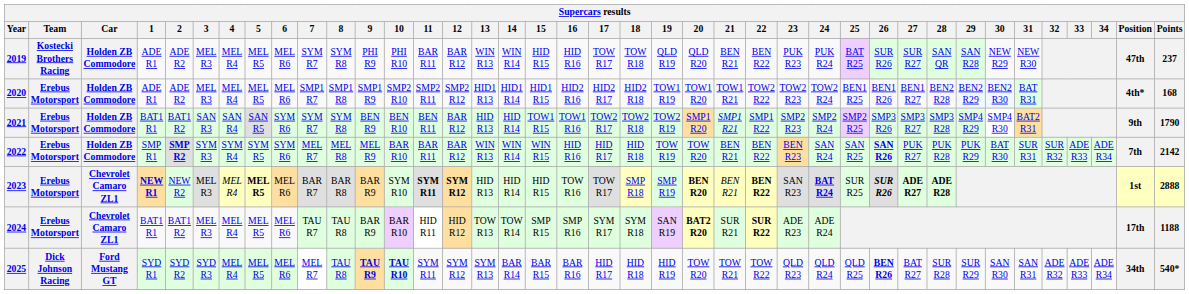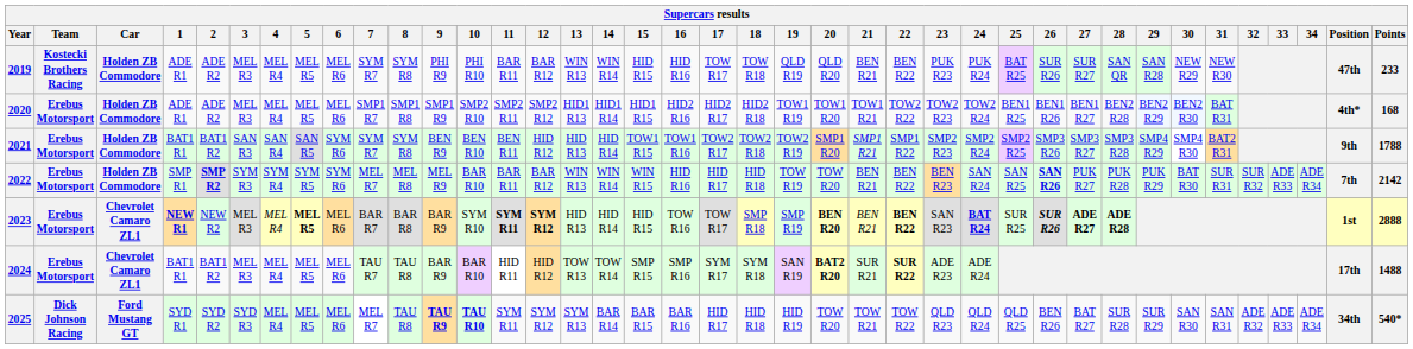 <table class="wikitable" style="text-align:center; font-size:75%">
 <tr>
 <th colspan=45><a href='#'>Supercars</a> results</th>
 </tr>
 <tr>
 <th>Year</th>
 <th>Team</th>
 <th>Car</th>
 <th>1</th>
 <th>2</th>
 <th>3</th>
 <th>4</th>
 <th>5</th>
 <th>6</th>
 <th>7</th>
 <th>8</th>
 <th>9</th>
 <th>10</th>
 <th>11</th>
 <th>12</th>
 <th>13</th>
 <th>14</th>
 <th>15</th>
 <th>16</th>
 <th>17</th>
 <th>18</th>
 <th>19</th>
 <th>20</th>
 <th>21</th>
 <th>22</th>
 <th>23</th>
 <th>24</th>
 <th>25</th>
 <th>26</th>
 <th>27</th>
 <th>28</th>
 <th>29</th>
 <th>30</th>
 <th>31</th>
 <th>32</th>
 <th>33</th>
 <th>34</th>
 <th>Position</th>
 <th>Points</th>
 </tr>
 <tr>
 <th><a href='#'>2019</a></th>
 <th><a href='#'>Kostecki Brothers Racing</a></th>
 <th><a href='#'>Holden ZB Commodore</a></th>
 <td><a href='#'>ADE<br>R1</a></td>
 <td><a href='#'>ADE<br>R2</a></td>
 <td><a href='#'>MEL<br>R3</a></td>
 <td><a href='#'>MEL<br>R4</a></td>
 <td><a href='#'>MEL<br>R5</a></td>
 <td><a href='#'>MEL<br>R6</a></td>
 <td><a href='#'>SYM<br>R7</a></td>
 <td><a href='#'>SYM<br>R8</a></td>
 <td><a href='#'>PHI<br>R9</a></td>
 <td><a href='#'>PHI<br>R10</a></td>
 <td><a href='#'>BAR<br>R11</a></td>
 <td><a href='#'>BAR<br>R12</a></td>
 <td><a href='#'>WIN<br>R13</a></td>
 <td><a href='#'>WIN<br>R14</a></td>
 <td><a href='#'>HID<br>R15</a></td>
 <td><a href='#'>HID<br>R16</a></td>
 <td><a href='#'>TOW<br>R17</a></td>
 <td><a href='#'>TOW<br>R18</a></td>
 <td><a href='#'>QLD<br>R19</a></td>
 <td><a href='#'>QLD<br>R20</a></td>
 <td><a href='#'>BEN<br>R21</a></td>
 <td><a href='#'>BEN<br>R22</a></td>
 <td><a href='#'>PUK<br>R23</a></td>
 <td><a href='#'>PUK<br>R24</a></td>
 <td style=background:#efcfff><a href='#'>BAT<br>R25</a><br></td>
 <td style=background:#dfffdf><a href='#'>SUR<br>R26</a><br></td>
 <td style=background:#dfffdf><a href='#'>SUR<br>R27</a><br></td>
 <td style=background:#dfffdf><a href='#'>SAN<br>QR</a><br></td>
 <td style=background:#dfffdf><a href='#'>SAN<br>R28</a><br></td>
 <td><a href='#'>NEW<br>R29</a></td>
 <td><a href='#'>NEW<br>R30</a></td>
 <th colspan=3></th>
 <th>47th</th>
-<th>237</th>
+<th>233</th>
 </tr>
 <tr>
 <th><a href='#'>2020</a></th>
 <th><a href='#'>Erebus Motorsport</a></th>
 <th><a href='#'>Holden ZB Commodore</a></th>
 <td><a href='#'>ADE<br>R1</a></td>
 <td><a href='#'>ADE<br>R2</a></td>
 <td><a href='#'>MEL<br>R3</a></td>
 <td><a href='#'>MEL<br>R4</a></td>
 <td><a href='#'>MEL<br>R5</a></td>
 <td><a href='#'>MEL<br>R6</a></td>
 <td><a href='#'>SMP1<br>R7</a></td>
 <td><a href='#'>SMP1<br>R8</a></td>
 <td><a href='#'>SMP1<br>R9</a></td>
 <td><a href='#'>SMP2<br>R10</a></td>
 <td><a href='#'>SMP2<br>R11</a></td>
 <td><a href='#'>SMP2<br>R12</a></td>
 <td><a href='#'>HID1<br>R13</a></td>
 <td><a href='#'>HID1<br>R14</a></td>
 <td><a href='#'>HID1<br>R15</a></td>
 <td><a href='#'>HID2<br>R16</a></td>
 <td><a href='#'>HID2<br>R17</a></td>
 <td><a href='#'>HID2<br>R18</a></td>
 <td><a href='#'>TOW1<br>R19</a></td>
 <td><a href='#'>TOW1<br>R20</a></td>
 <td><a href='#'>TOW1<br>R21</a></td>
 <td><a href='#'>TOW2<br>R22</a></td>
 <td><a href='#'>TOW2<br>R23</a></td>
 <td><a href='#'>TOW2<br>R24</a></td>
 <td><a href='#'>BEN1<br>R25</a></td>
 <td><a href='#'>BEN1<br>R26</a></td>
 <td><a href='#'>BEN1<br>R27</a></td>
 <td><a href='#'>BEN2<br>R28</a></td>
 <td style=background:#f1f8ff><a href='#'>BEN2<br>R29</a><br></td>
 <td style=background:#f1f8ff><a href='#'>BEN2<br>R30</a><br></td>
 <td style=background:#dfffdf><a href='#'>BAT<br>R31</a><br></td>
 <th colspan=3></th>
 <th>4th*</th>
 <th>168</th>
 </tr>
 <tr>
 <th><a href='#'>2021</a></th>
 <th><a href='#'>Erebus Motorsport</a></th>
 <th><a href='#'>Holden ZB Commodore</a></th>
 <td style=background:#dfffdf><a href='#'>BAT1<br>R1</a><br></td>
 <td style=background:#dfffdf><a href='#'>BAT1<br>R2</a><br></td>
 <td style=background:#dfffdf><a href='#'>SAN<br>R3</a><br></td>
 <td style=background:#dfffdf><a href='#'>SAN<br>R4</a><br></td>
 <td style=background:#dfdfdf><a href='#'>SAN<br>R5</a><br></td>
 <td style=background:#dfffdf><a href='#'>SYM<br>R6</a><br></td>
 <td style=background:#dfffdf><a href='#'>SYM<br>R7</a><br></td>
 <td style=background:#dfffdf><a href='#'>SYM<br>R8</a><br></td>
 <td style=background:#dfffdf><a href='#'>BEN<br>R9</a><br></td>
 <td style=background:#dfffdf><a href='#'>BEN<br>R10</a><br></td>
 <td style=background:#dfffdf><a href='#'>BEN<br>R11</a><br></td>
-<td style=background:#dfffdf><a href='#'>BAR<br>R12</a><br></td>
+<td style=background:#dfffdf><a href='#'>HID<br>R12</a><br></td>
 <td style=background:#dfffdf><a href='#'>HID<br>R13</a><br></td>
 <td style=background:#dfffdf><a href='#'>HID<br>R14</a><br></td>
 <td style=background:#dfffdf><a href='#'>TOW1<br>R15</a><br></td>
 <td style=background:#dfffdf><a href='#'>TOW1<br>R16</a><br></td>
 <td style=background:#dfffdf><a href='#'>TOW2<br>R17</a><br></td>
 <td style=background:#dfffdf><a href='#'>TOW2<br>R18</a><br></td>
 <td style=background:#dfffdf><a href='#'>TOW2<br>R19</a><br></td>
 <td style=background:#ffdf9f><a href='#'>SMP1<br>R20</a><br></td>
 <td style=background:#dfffdf><em><a href='#'>SMP1<br>R21</a><br></em></td>
 <td style=background:#dfffdf><a href='#'>SMP1<br>R22</a><br></td>
 <td style=background:#dfffdf><a href='#'>SMP2<br>R23</a><br></td>
 <td style=background:#dfffdf><a href='#'>SMP2<br>R24</a><br></td>
 <td style=background:#efcfff><a href='#'>SMP2<br>R25</a><br></td>
 <td style=background:#dfffdf><a href='#'>SMP3<br>R26</a><br></td>
 <td style=background:#dfffdf><a href='#'>SMP3<br>R27</a><br></td>
 <td style=background:#dfffdf><a href='#'>SMP3<br>R28</a><br></td>
 <td style=background:#dfffdf><a href='#'>SMP4<br>R29</a><br></td>
 <td style=background:#ffffff><a href='#'>SMP4<br>R30</a><br></td>
 <td style=background:#ffdf9f><a href='#'>BAT2<br>R31</a><br></td>
 <th colspan=3></th>
 <th>9th</th>
-<th>1790</th>
+<th>1788</th>
 </tr>
 <tr>
 <th><a href='#'>2022</a></th>
 <th><a href='#'>Erebus Motorsport</a></th>
 <th><a href='#'>Holden ZB Commodore</a></th>
 <td style=background:#dfffdf><a href='#'>SMP<br>R1</a><br></td>
 <td style=background:#dfdfdf><strong><a href='#'>SMP<br>R2</a><br></strong></td>
 <td style=background:#dfffdf><a href='#'>SYM<br>R3</a><br></td>
 <td style=background:#dfffdf><a href='#'>SYM<br>R4</a><br></td>
 <td style=background:#dfffdf><a href='#'>SYM<br>R5</a><br></td>
 <td style=background:#dfffdf><a href='#'>SYM<br>R6</a><br></td>
 <td style=background:#dfffdf><a href='#'>MEL<br>R7</a><br></td>
 <td style=background:#dfffdf><a href='#'>MEL<br>R8</a><br></td>
 <td style=background:#dfffdf><a href='#'>MEL<br>R9</a><br></td>
 <td style=background:#dfffdf><a href='#'>BAR<br>R10</a><br></td>
 <td style=background:#dfffdf><a href='#'>BAR<br>R11</a><br></td>
 <td style=background:#dfffdf><a href='#'>BAR<br>R12</a><br></td>
 <td style=background:#dfffdf><a href='#'>WIN<br>R13</a><br></td>
 <td style=background:#dfffdf><a href='#'>WIN<br>R14</a><br></td>
 <td style=background:#dfffdf><a href='#'>WIN<br>R15</a><br></td>
 <td style=background:#dfffdf><a href='#'>HID<br>R16</a><br></td>
 <td style=background:#dfffdf><a href='#'>HID<br>R17</a><br></td>
 <td style=background:#dfffdf><a href='#'>HID<br>R18</a><br></td>
 <td style=background:#dfffdf><a href='#'>TOW<br>R19</a><br></td>
 <td style=background:#dfffdf><a href='#'>TOW<br>R20</a><br></td>
 <td style=background:#dfffdf><a href='#'>BEN<br>R21</a><br></td>
 <td style=background:#dfffdf><a href='#'>BEN<br>R22</a><br></td>
 <td style=background:#ffdf9f><a href='#'>BEN<br>R23</a><br></td>
 <td style=background:#dfffdf><a href='#'>SAN<br>R24</a><br></td>
 <td style=background:#dfffdf><a href='#'>SAN<br>R25</a><br></td>
 <td style=background:#dfffdf><strong><a href='#'>SAN<br>R26</a><br></strong></td>
 <td style=background:#dfffdf><a href='#'>PUK<br>R27</a><br></td>
 <td style=background:#dfffdf><a href='#'>PUK<br>R28</a><br></td>
 <td style=background:#dfffdf><a href='#'>PUK<br>R29</a><br></td>
 <td style=background:#dfffdf><a href='#'>BAT<br>R30</a><br></td>
 <td style=background:#dfffdf><a href='#'>SUR<br>R31</a><br></td>
 <td style=background:#dfffdf><a href='#'>SUR<br>R32</a><br></td>
 <td style=background:#dfffdf><a href='#'>ADE<br>R33</a><br></td>
 <td style=background:#dfffdf><a href='#'>ADE<br>R34</a><br></td>
 <th>7th</th>
 <th>2142</th>
 </tr>
 <tr>
 <th><a href='#'>2023</a></th>
 <th><a href='#'>Erebus Motorsport</a></th>
 <th><a href='#'>Chevrolet Camaro ZL1</a></th>
 <td style="background:#ffdf9f"><strong><a href='#'>NEW<br>R1</a><br></strong></td>
 <td style="background:#dfffdf"><a href='#'>NEW<br>R2</a><br></td>
 <td style="background:#dfdfdf">MEL<br>R3<br></td>
 <td style="background:#ffffbf"><em>MEL<br>R4<br></em></td>
 <td style="background:#ffffbf"><strong>MEL<br>R5<br></strong></td>
 <td style="background:#ffdf9f">MEL<br>R6<br></td>
 <td style="background:#dfdfdf">BAR<br>R7<br></td>
 <td style="background:#dfdfdf">BAR<br>R8<br></td>
 <td style="background:#ffdf9f">BAR<br>R9<br></td>
 <td style="background:#dfffdf">SYM<br>R10<br></td>
 <td style="background:#dfdfdf"><strong>SYM<br>R11<br></strong></td>
 <td style="background:#ffdf9f"><strong>SYM<br>R12<br></strong></td>
 <td style="background:#dfffdf">HID<br>R13<br></td>
 <td style="background:#dfffdf">HID<br>R14<br></td>
 <td style="background:#dfffdf">HID<br>R15<br></td>
 <td style="background:#dfffdf">TOW<br>R16<br></td>
 <td style="background:#dfdfdf">TOW<br>R17<br></td>
 <td style="background:#ffffbf"><a href='#'>SMP<br>R18</a><br></td>
 <td style="background:#dfffdf"><a href='#'>SMP<br>R19</a><br></td>
 <td style="background:#ffffbf"><strong>BEN<br>R20<br></strong></td>
 <td style="background:#ffffbf"><em>BEN<br>R21<br></em></td>
 <td style="background:#ffffbf"><strong>BEN<br>R22<br></strong></td>
 <td style="background:#dfdfdf">SAN<br>R23<br></td>
 <td style="background:#dfdfdf"><strong><a href='#'>BAT<br>R24</a><br></strong></td>
 <td style="background:#dfffdf">SUR<br>R25<br></td>
 <td style="background:#dfdfdf"><strong><em>SUR<br>R26<br></em></strong></td>
 <td style="background:#dfffdf"><strong>ADE<br>R27<br></strong></td>
 <td style="background:#dfffdf"><strong>ADE<br>R28<br></strong></td>
 <th colspan=6></th>
 <th style=background:#ffffbf>1st</th>
 <th style=background:#ffffbf>2888</th>
 </tr>
 <tr>
 <th><a href='#'>2024</a></th>
 <th><a href='#'>Erebus Motorsport</a></th>
 <th><a href='#'>Chevrolet Camaro ZL1</a></th>
 <td style="background:#"><a href='#'>BAT1<br>R1</a></td>
 <td style="background:#"><a href='#'>BAT1<br>R2</a></td>
 <td style="background:#"><a href='#'>MEL<br>R3</a></td>
 <td style="background:#"><a href='#'>MEL<br>R4</a></td>
 <td style="background:#"><a href='#'>MEL<br>R5</a></td>
 <td style="background:#"><a href='#'>MEL<br>R6</a></td>
 <td style="background:#DFFFDF">TAU<br>R7<br></td>
 <td style="background:#DFFFDF">TAU<br>R8<br></td>
 <td style="background:#dfffdf">BAR<br>R9<br></td>
 <td style="background:#efcfff">BAR<br>R10<br></td>
 <td style="background:#ffffff">HID<br>R11<br></td>
 <td style="background:#ffdf9f">HID<br>R12<br></td>
 <td style="background:#DFFFDF">TOW<br>R13<br></td>
 <td style="background:#DFFFDF">TOW<br>R14<br></td>
 <td style="background:#DFFFDF">SMP<br>R15<br></td>
 <td style="background:#DFFFDF">SMP<br>R16<br></td>
 <td style="background:#DFFFDF">SYM<br>R17<br></td>
 <td style="background:#DFFFDF">SYM<br>R18<br></td>
 <td style="background:#efcfff">SAN<br>R19<br></td>
 <td style="background:#ffffbf"><strong>BAT2<br>R20<br></strong></td>
 <td style="background:#dfffdf">SUR<br>R21<br></td>
 <td style="background:#ffffbf"><strong>SUR<br>R22<br></strong></td>
 <td style="background:#DFFFDF">ADE<br>R23<br></td>
 <td style="background:#DFFFDF">ADE<br>R24<br></td>
 <th colspan=10></th>
 <th>17th</th>
-<th>1188</th>
+<th>1488</th>
 </tr>
 <tr>
 <th><a href='#'>2025</a></th>
 <th><a href='#'>Dick Johnson Racing</a></th>
 <th><a href='#'>Ford Mustang GT</a></th>
 <td style=background:#dfffdf><a href='#'>SYD<br>R1</a><br></td>
 <td style=background:#dfffdf><a href='#'>SYD<br>R2</a><br></td>
 <td style=background:#dfffdf><a href='#'>SYD<br>R3</a><br></td>
 <td style=background:#dfffdf><a href='#'>MEL<br>R4</a><br></td>
 <td style=background:#dfffdf><a href='#'>MEL<br>R5</a><br></td>
 <td style=background:#dfffdf><a href='#'>MEL<br>R6</a><br></td>
 <td style=background:#ffffff><a href='#'>MEL<br>R7</a><br></td>
 <td style=background:#dfffdf><a href='#'>TAU<br>R8</a><br></td>
 <td style=background:#ffdf9f><strong><a href='#'>TAU<br>R9</a><br></strong></td>
 <td style=background:#dfffdf><strong><a href='#'>TAU<br>R10</a><br></strong></td>
 <td style=background:#><a href='#'>SYM<br>R11</a><br></td>
 <td style=background:#><a href='#'>SYM<br>R12</a><br></td>
 <td style=background:#><a href='#'>SYM<br>R13</a><br></td>
 <td style=background:#><a href='#'>BAR<br>R14</a><br></td>
 <td style=background:#><a href='#'>BAR<br>R15</a><br></td>
 <td style=background:#><a href='#'>BAR<br>R16</a><br></td>
 <td style=background:#><a href='#'>HID<br>R17</a><br></td>
 <td style=background:#><a href='#'>HID<br>R18</a><br></td>
 <td style=background:#><a href='#'>HID<br>R19</a><br></td>
 <td style=background:#><a href='#'>TOW<br>R20</a><br></td>
 <td style=background:#><a href='#'>TOW<br>R21</a><br></td>
 <td style=background:#><a href='#'>TOW<br>R22</a><br></td>
 <td style=background:#><a href='#'>QLD<br>R23</a><br></td>
 <td style=background:#><a href='#'>QLD<br>R24</a><br></td>
 <td style=background:#><a href='#'>QLD<br>R25</a><br></td>
-<td style=background:#><strong><a href='#'>BEN<br>R26</a><br></strong></td>
+<td style=background:#><a href='#'>BEN<br>R26</a><br></td>
 <td style=background:#><a href='#'>BAT<br>R27</a><br></td>
 <td style=background:#><a href='#'>SUR<br>R28</a><br></td>
 <td style=background:#><a href='#'>SUR<br>R29</a><br></td>
 <td style=background:#><a href='#'>SAN<br>R30</a><br></td>
 <td style=background:#><a href='#'>SAN<br>R31</a><br></td>
 <td style=background:#><a href='#'>ADE<br>R32</a><br></td>
 <td style=background:#><a href='#'>ADE<br>R33</a><br></td>
 <td style=background:#><a href='#'>ADE<br>R34</a><br></td>
 <th>34th</th>
 <th>540*</th>
 </tr>
 </table>
